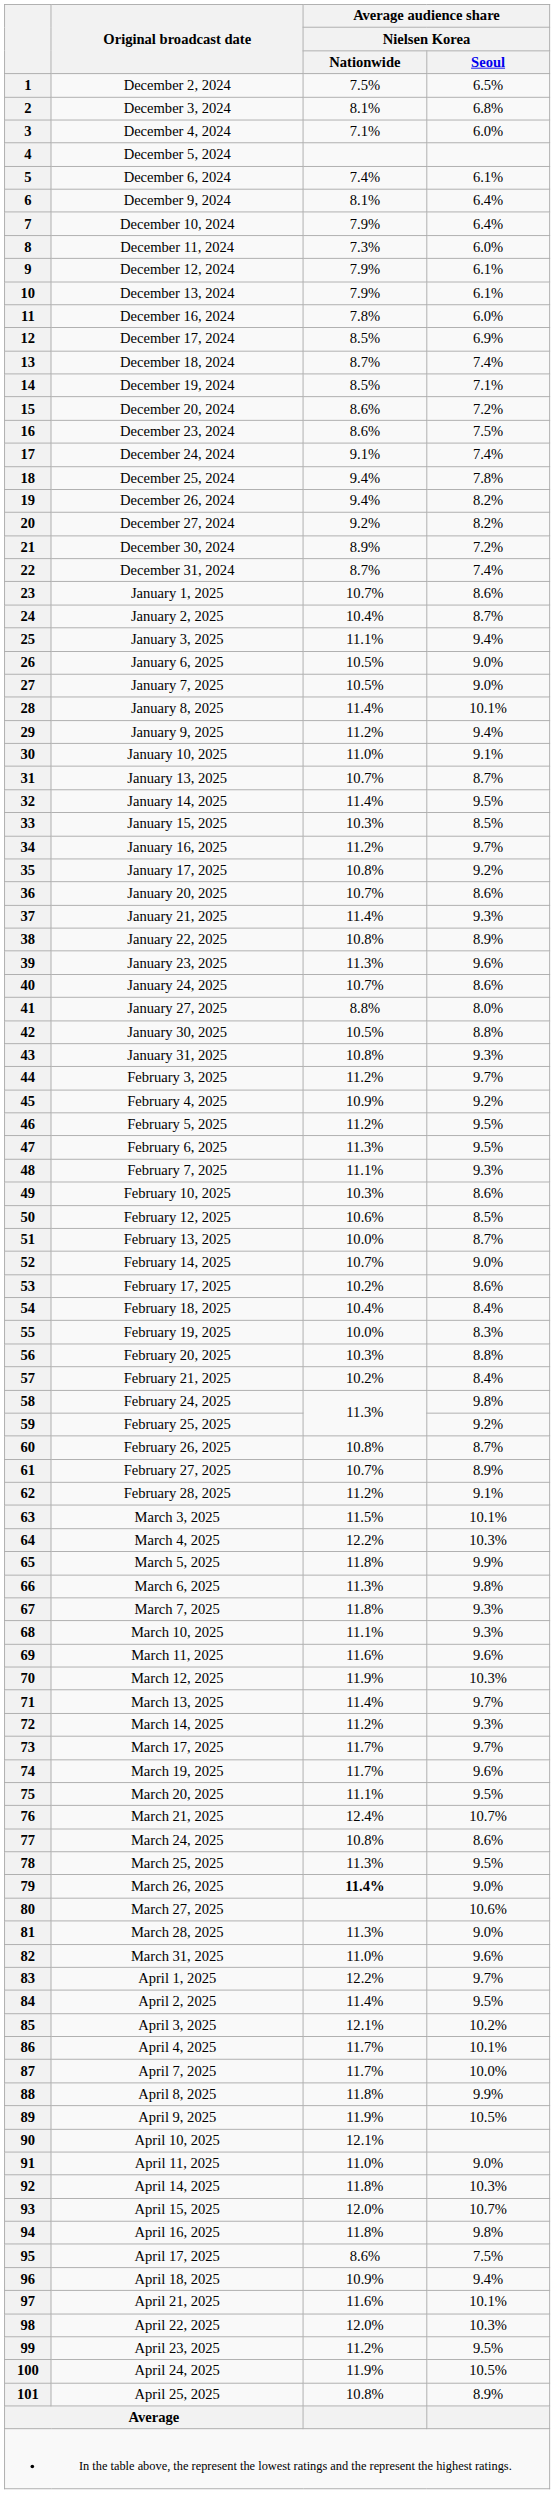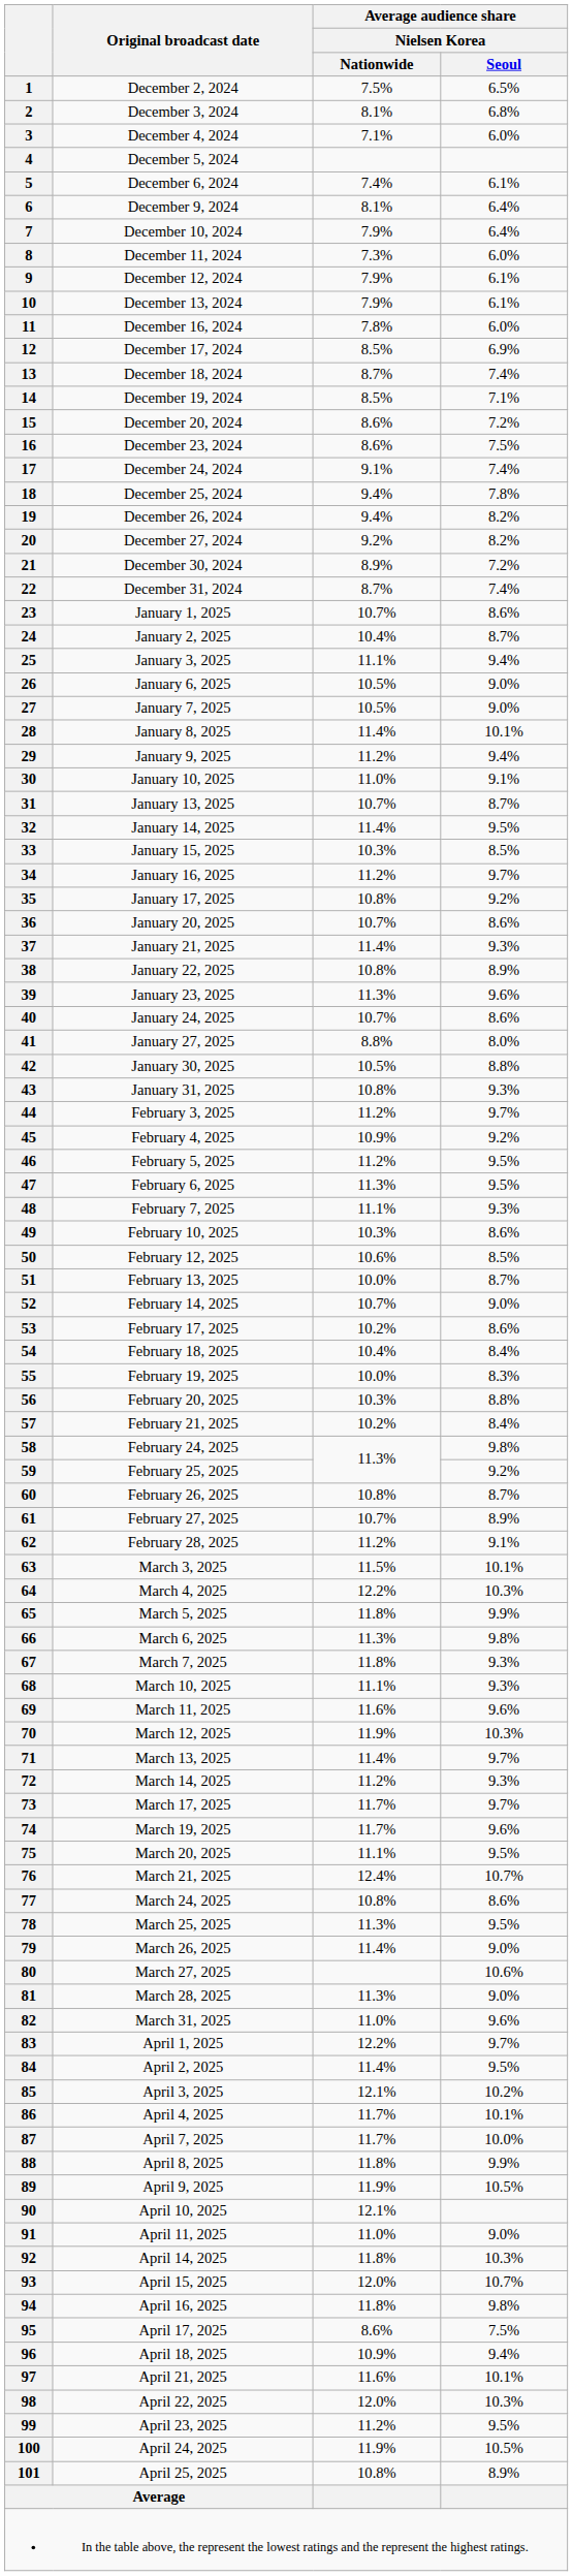 <table class="wikitable" style="margin-left:auto; margin-right:auto; width:600px; text-align:center">
 <tr>
 <th scope="col" rowspan="3"></th>
 <th scope="col" rowspan="3">Original broadcast date</th>
 <th scope="col" colspan="2">Average audience share</th>
 </tr>
 <tr>
 <th colspan="2" scope="col">Nielsen Korea</th>
 </tr>
 <tr>
 <th scope="col" style="width:8em">Nationwide</th>
 <th scope="col" style="width:8em"><a href='#'>Seoul</a></th>
 </tr>
 <tr>
 <th scope="col">1</th>
 <td>December 2, 2024</td>
 <td>7.5% </td>
 <td>6.5% </td>
 </tr>
 <tr>
 <th scope="col">2</th>
 <td>December 3, 2024</td>
 <td>8.1% </td>
 <td>6.8% </td>
 </tr>
 <tr>
 <th scope="col">3</th>
 <td>December 4, 2024</td>
 <td>7.1% </td>
 <td>6.0% </td>
 </tr>
 <tr>
 <th scope="col">4</th>
 <td>December 5, 2024</td>
 <td><strong></strong> </td>
 <td><strong></strong> </td>
 </tr>
 <tr>
 <th scope="col">5</th>
 <td>December 6, 2024</td>
 <td>7.4% </td>
 <td>6.1% </td>
 </tr>
 <tr>
 <th scope="col">6</th>
 <td>December 9, 2024</td>
 <td>8.1% </td>
 <td>6.4% </td>
 </tr>
 <tr>
 <th scope="col">7</th>
 <td>December 10, 2024</td>
 <td>7.9% </td>
 <td>6.4% </td>
 </tr>
 <tr>
 <th scope="col">8</th>
 <td>December 11, 2024</td>
 <td>7.3% </td>
 <td>6.0% </td>
 </tr>
 <tr>
 <th scope="col">9</th>
 <td>December 12, 2024</td>
 <td>7.9% </td>
 <td>6.1% </td>
 </tr>
 <tr>
 <th scope="col">10</th>
 <td>December 13, 2024</td>
 <td>7.9% </td>
 <td>6.1% </td>
 </tr>
 <tr>
 <th scope="col">11</th>
 <td>December 16, 2024</td>
 <td>7.8% </td>
 <td>6.0% </td>
 </tr>
 <tr>
 <th scope="col">12</th>
 <td>December 17, 2024</td>
 <td>8.5% </td>
 <td>6.9% </td>
 </tr>
 <tr>
 <th scope="col">13</th>
 <td>December 18, 2024</td>
 <td>8.7% </td>
 <td>7.4% </td>
 </tr>
 <tr>
 <th scope="col">14</th>
 <td>December 19, 2024</td>
 <td>8.5% </td>
 <td>7.1% </td>
 </tr>
 <tr>
 <th scope="col">15</th>
 <td>December 20, 2024</td>
 <td>8.6% </td>
 <td>7.2% </td>
 </tr>
 <tr>
 <th scope="col">16</th>
 <td>December 23, 2024</td>
 <td>8.6% </td>
 <td>7.5% </td>
 </tr>
 <tr>
 <th scope="col">17</th>
 <td>December 24, 2024</td>
 <td>9.1% </td>
 <td>7.4% </td>
 </tr>
 <tr>
 <th scope="col">18</th>
 <td>December 25, 2024</td>
 <td>9.4% </td>
 <td>7.8% </td>
 </tr>
 <tr>
 <th scope="col">19</th>
 <td>December 26, 2024</td>
 <td>9.4% </td>
 <td>8.2% </td>
 </tr>
 <tr>
 <th scope="col">20</th>
 <td>December 27, 2024</td>
 <td>9.2% </td>
 <td>8.2% </td>
 </tr>
 <tr>
 <th scope="col">21</th>
 <td>December 30, 2024</td>
 <td>8.9% </td>
 <td>7.2% </td>
 </tr>
 <tr>
 <th scope="col">22</th>
 <td>December 31, 2024</td>
 <td>8.7% </td>
 <td>7.4% </td>
 </tr>
 <tr>
 <th scope="col">23</th>
 <td>January 1, 2025</td>
 <td>10.7% </td>
 <td>8.6% </td>
 </tr>
 <tr>
 <th scope="col">24</th>
 <td>January 2, 2025</td>
 <td>10.4% </td>
 <td>8.7% </td>
 </tr>
 <tr>
 <th scope="col">25</th>
 <td>January 3, 2025</td>
 <td>11.1% </td>
 <td>9.4% </td>
 </tr>
 <tr>
 <th scope="col">26</th>
 <td>January 6, 2025</td>
 <td>10.5% </td>
 <td>9.0% </td>
 </tr>
 <tr>
 <th scope="col">27</th>
 <td>January 7, 2025</td>
 <td>10.5% </td>
 <td>9.0% </td>
 </tr>
 <tr>
 <th scope="col">28</th>
 <td>January 8, 2025</td>
 <td>11.4% </td>
 <td>10.1% </td>
 </tr>
 <tr>
 <th scope="col">29</th>
 <td>January 9, 2025</td>
 <td>11.2% </td>
 <td>9.4% </td>
 </tr>
 <tr>
 <th scope="col">30</th>
 <td>January 10, 2025</td>
 <td>11.0% </td>
 <td>9.1% </td>
 </tr>
 <tr>
 <th scope="col">31</th>
 <td>January 13, 2025</td>
 <td>10.7% </td>
 <td>8.7% </td>
 </tr>
 <tr>
 <th scope="col">32</th>
 <td>January 14, 2025</td>
 <td>11.4% </td>
 <td>9.5% </td>
 </tr>
 <tr>
 <th scope="col">33</th>
 <td>January 15, 2025</td>
 <td>10.3% </td>
 <td>8.5% </td>
 </tr>
 <tr>
 <th scope="col">34</th>
 <td>January 16, 2025</td>
 <td>11.2% </td>
 <td>9.7% </td>
 </tr>
 <tr>
 <th scope="col">35</th>
 <td>January 17, 2025</td>
 <td>10.8% </td>
 <td>9.2% </td>
 </tr>
 <tr>
 <th scope="col">36</th>
 <td>January 20, 2025</td>
 <td>10.7% </td>
 <td>8.6% </td>
 </tr>
 <tr>
 <th scope="col">37</th>
 <td>January 21, 2025</td>
 <td>11.4% </td>
 <td>9.3% </td>
 </tr>
 <tr>
 <th scope="col">38</th>
 <td>January 22, 2025</td>
 <td>10.8% </td>
 <td>8.9% </td>
 </tr>
 <tr>
 <th scope="col">39</th>
 <td>January 23, 2025</td>
 <td>11.3% </td>
 <td>9.6% </td>
 </tr>
 <tr>
 <th scope="col">40</th>
 <td>January 24, 2025</td>
 <td>10.7% </td>
 <td>8.6% </td>
 </tr>
 <tr>
 <th scope="col">41</th>
 <td>January 27, 2025</td>
 <td>8.8% </td>
 <td>8.0% </td>
 </tr>
 <tr>
 <th scope="col">42</th>
 <td>January 30, 2025</td>
 <td>10.5% </td>
 <td>8.8% </td>
 </tr>
 <tr>
 <th scope="col">43</th>
 <td>January 31, 2025</td>
 <td>10.8% </td>
 <td>9.3% </td>
 </tr>
 <tr>
 <th scope="col">44</th>
 <td>February 3, 2025</td>
 <td>11.2% </td>
 <td>9.7% </td>
 </tr>
 <tr>
 <th scope="col">45</th>
 <td>February 4, 2025</td>
 <td>10.9% </td>
 <td>9.2% </td>
 </tr>
 <tr>
 <th scope="col">46</th>
 <td>February 5, 2025</td>
 <td>11.2% </td>
 <td>9.5% </td>
 </tr>
 <tr>
 <th scope="col">47</th>
 <td>February 6, 2025</td>
 <td>11.3% </td>
 <td>9.5% </td>
 </tr>
 <tr>
 <th scope="col">48</th>
 <td>February 7, 2025</td>
 <td>11.1% </td>
 <td>9.3% </td>
 </tr>
 <tr>
 <th scope="col">49</th>
 <td>February 10, 2025</td>
 <td>10.3% </td>
 <td>8.6% </td>
 </tr>
 <tr>
 <th scope="col">50</th>
 <td>February 12, 2025</td>
 <td>10.6% </td>
 <td>8.5% </td>
 </tr>
 <tr>
 <th scope="col">51</th>
 <td>February 13, 2025</td>
 <td>10.0% </td>
 <td>8.7% </td>
 </tr>
 <tr>
 <th scope="col">52</th>
 <td>February 14, 2025</td>
 <td>10.7% </td>
 <td>9.0% </td>
 </tr>
 <tr>
 <th scope="col">53</th>
 <td>February 17, 2025</td>
 <td>10.2% </td>
 <td>8.6% </td>
 </tr>
 <tr>
 <th scope="col">54</th>
 <td>February 18, 2025</td>
 <td>10.4% </td>
 <td>8.4% </td>
 </tr>
 <tr>
 <th scope="col">55</th>
 <td>February 19, 2025</td>
 <td>10.0% </td>
 <td>8.3% </td>
 </tr>
 <tr>
 <th scope="col">56</th>
 <td>February 20, 2025</td>
 <td>10.3% </td>
 <td>8.8% </td>
 </tr>
 <tr>
 <th scope="col">57</th>
 <td>February 21, 2025</td>
 <td>10.2% </td>
 <td>8.4% </td>
 </tr>
 <tr>
 <th scope="col">58</th>
 <td>February 24, 2025</td>
 <td rowspan="2">11.3% </td>
 <td>9.8% </td>
 </tr>
 <tr>
 <th scope="col">59</th>
 <td>February 25, 2025</td>
 <td>9.2% </td>
 </tr>
 <tr>
 <th scope="col">60</th>
 <td>February 26, 2025</td>
 <td>10.8% </td>
 <td>8.7% </td>
 </tr>
 <tr>
 <th scope="col">61</th>
 <td>February 27, 2025</td>
 <td>10.7% </td>
 <td>8.9% </td>
 </tr>
 <tr>
 <th scope="col">62</th>
 <td>February 28, 2025</td>
 <td>11.2% </td>
 <td>9.1% </td>
 </tr>
 <tr>
 <th>63</th>
 <td>March 3, 2025</td>
 <td>11.5% </td>
 <td>10.1% </td>
 </tr>
 <tr>
 <th>64</th>
 <td>March 4, 2025</td>
 <td>12.2% </td>
 <td>10.3% </td>
 </tr>
 <tr>
 <th>65</th>
 <td>March 5, 2025</td>
 <td>11.8% </td>
 <td>9.9% </td>
 </tr>
 <tr>
 <th>66</th>
 <td>March 6, 2025</td>
 <td>11.3% </td>
 <td>9.8% </td>
 </tr>
 <tr>
 <th>67</th>
 <td>March 7, 2025</td>
 <td>11.8% </td>
 <td>9.3% </td>
 </tr>
 <tr>
 <th>68</th>
 <td>March 10, 2025</td>
 <td>11.1% </td>
 <td>9.3% </td>
 </tr>
 <tr>
 <th>69</th>
 <td>March 11, 2025</td>
 <td>11.6% </td>
 <td>9.6% </td>
 </tr>
 <tr>
 <th>70</th>
 <td>March 12, 2025</td>
 <td>11.9% </td>
 <td>10.3% </td>
 </tr>
 <tr>
 <th>71</th>
 <td>March 13, 2025</td>
 <td>11.4% </td>
 <td>9.7% </td>
 </tr>
 <tr>
 <th>72</th>
 <td>March 14, 2025</td>
 <td>11.2% </td>
 <td>9.3% </td>
 </tr>
 <tr>
 <th>73</th>
 <td>March 17, 2025</td>
 <td>11.7% </td>
 <td>9.7% </td>
 </tr>
 <tr>
 <th>74</th>
 <td>March 19, 2025</td>
 <td>11.7% </td>
 <td>9.6% </td>
 </tr>
 <tr>
 <th>75</th>
 <td>March 20, 2025</td>
 <td>11.1% </td>
 <td>9.5% </td>
 </tr>
 <tr>
 <th>76</th>
 <td>March 21, 2025</td>
 <td>12.4% </td>
 <td>10.7% </td>
 </tr>
 <tr>
 <th>77</th>
 <td>March 24, 2025</td>
 <td>10.8% </td>
 <td>8.6% </td>
 </tr>
 <tr>
 <th>78</th>
 <td>March 25, 2025</td>
 <td>11.3% </td>
 <td>9.5% </td>
 </tr>
 <tr>
 <th>79</th>
 <td>March 26, 2025</td>
-<td><strong>11.4% </strong></td>
+<td>11.4% </td>
 <td>9.0% </td>
 </tr>
 <tr>
 <th>80</th>
 <td>March 27, 2025</td>
 <td><strong></strong> </td>
 <td>10.6% </td>
 </tr>
 <tr>
 <th>81</th>
 <td>March 28, 2025</td>
 <td>11.3% </td>
 <td>9.0% </td>
 </tr>
 <tr>
 <th>82</th>
 <td>March 31, 2025</td>
 <td>11.0% </td>
 <td>9.6% </td>
 </tr>
 <tr>
 <th>83</th>
 <td>April 1, 2025</td>
 <td>12.2% </td>
 <td>9.7% </td>
 </tr>
 <tr>
 <th>84</th>
 <td>April 2, 2025</td>
 <td>11.4% </td>
 <td>9.5% </td>
 </tr>
 <tr>
 <th>85</th>
 <td>April 3, 2025</td>
 <td>12.1% </td>
 <td>10.2% </td>
 </tr>
 <tr>
 <th>86</th>
 <td>April 4, 2025</td>
 <td>11.7% </td>
 <td>10.1% </td>
 </tr>
 <tr>
 <th>87</th>
 <td>April 7, 2025</td>
 <td>11.7% </td>
 <td>10.0% </td>
 </tr>
 <tr>
 <th>88</th>
 <td>April 8, 2025</td>
 <td>11.8% </td>
 <td>9.9% </td>
 </tr>
 <tr>
 <th>89</th>
 <td>April 9, 2025</td>
 <td>11.9% </td>
 <td>10.5% </td>
 </tr>
 <tr>
 <th>90</th>
 <td>April 10, 2025</td>
 <td>12.1% </td>
 <td><strong></strong> </td>
 </tr>
 <tr>
 <th>91</th>
 <td>April 11, 2025</td>
 <td>11.0% </td>
 <td>9.0% </td>
 </tr>
 <tr>
 <th>92</th>
 <td>April 14, 2025</td>
 <td>11.8% </td>
 <td>10.3% </td>
 </tr>
 <tr>
 <th>93</th>
 <td>April 15, 2025</td>
 <td>12.0% </td>
 <td>10.7% </td>
 </tr>
 <tr>
 <th>94</th>
 <td>April 16, 2025</td>
 <td>11.8% </td>
 <td>9.8% </td>
 </tr>
 <tr>
 <th>95</th>
 <td>April 17, 2025</td>
 <td>8.6% </td>
 <td>7.5% </td>
 </tr>
 <tr>
 <th>96</th>
 <td>April 18, 2025</td>
 <td>10.9% </td>
 <td>9.4% </td>
 </tr>
 <tr>
 <th>97</th>
 <td>April 21, 2025</td>
 <td>11.6% </td>
 <td>10.1% </td>
 </tr>
 <tr>
 <th>98</th>
 <td>April 22, 2025</td>
 <td>12.0% </td>
 <td>10.3% </td>
 </tr>
 <tr>
 <th>99</th>
 <td>April 23, 2025</td>
 <td>11.2% </td>
 <td>9.5% </td>
 </tr>
 <tr>
 <th>100</th>
 <td>April 24, 2025</td>
 <td>11.9% </td>
 <td>10.5% </td>
 </tr>
 <tr>
 <th>101</th>
 <td>April 25, 2025</td>
 <td>10.8% </td>
 <td>8.9% </td>
 </tr>
 <tr>
 <th colspan="2" scope="col">Average</th>
 <th scope="col"></th>
 <th scope="col"></th>
 </tr>
 <tr>
 <td colspan="4" style="font-size:85%"><br><ul><li>In the table above, the <strong></strong> represent the lowest ratings and the <strong></strong> represent the highest ratings.</li></ul></td>
 </tr>
 </table>
